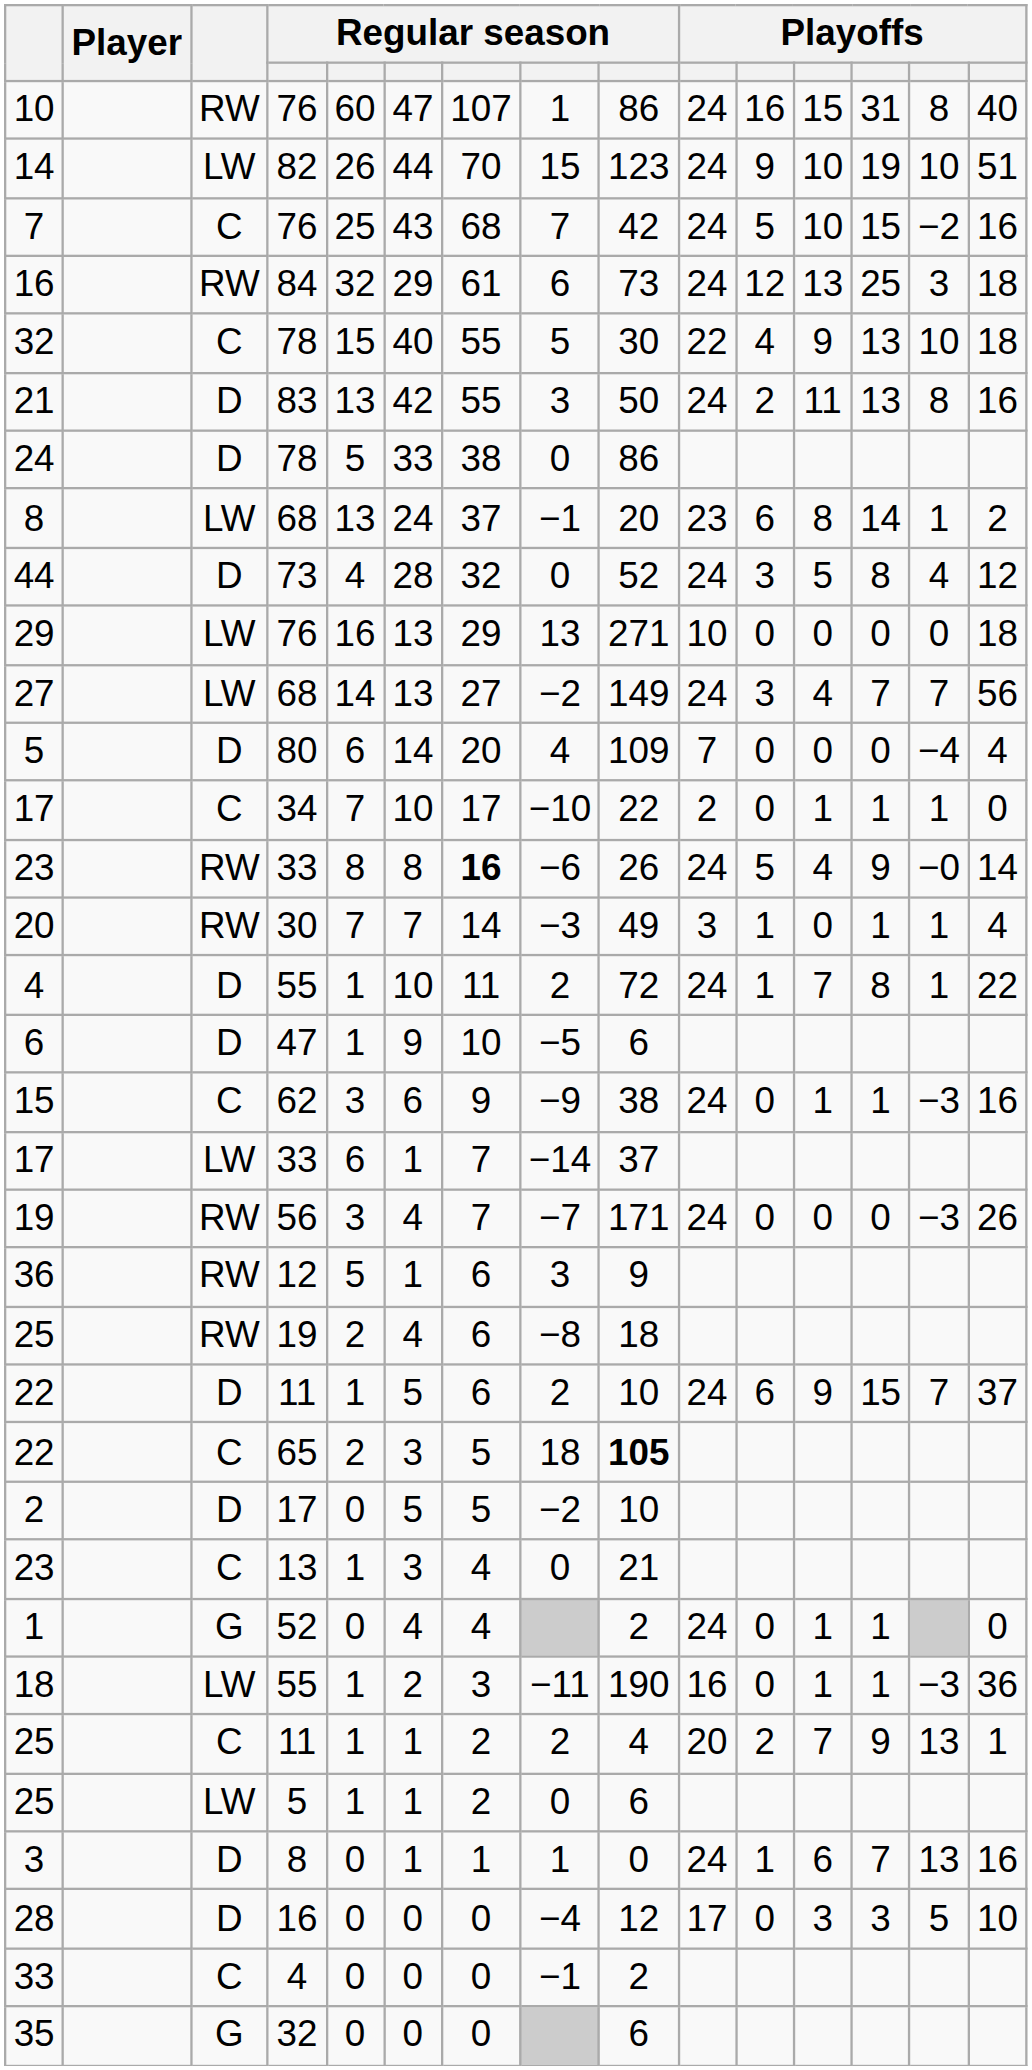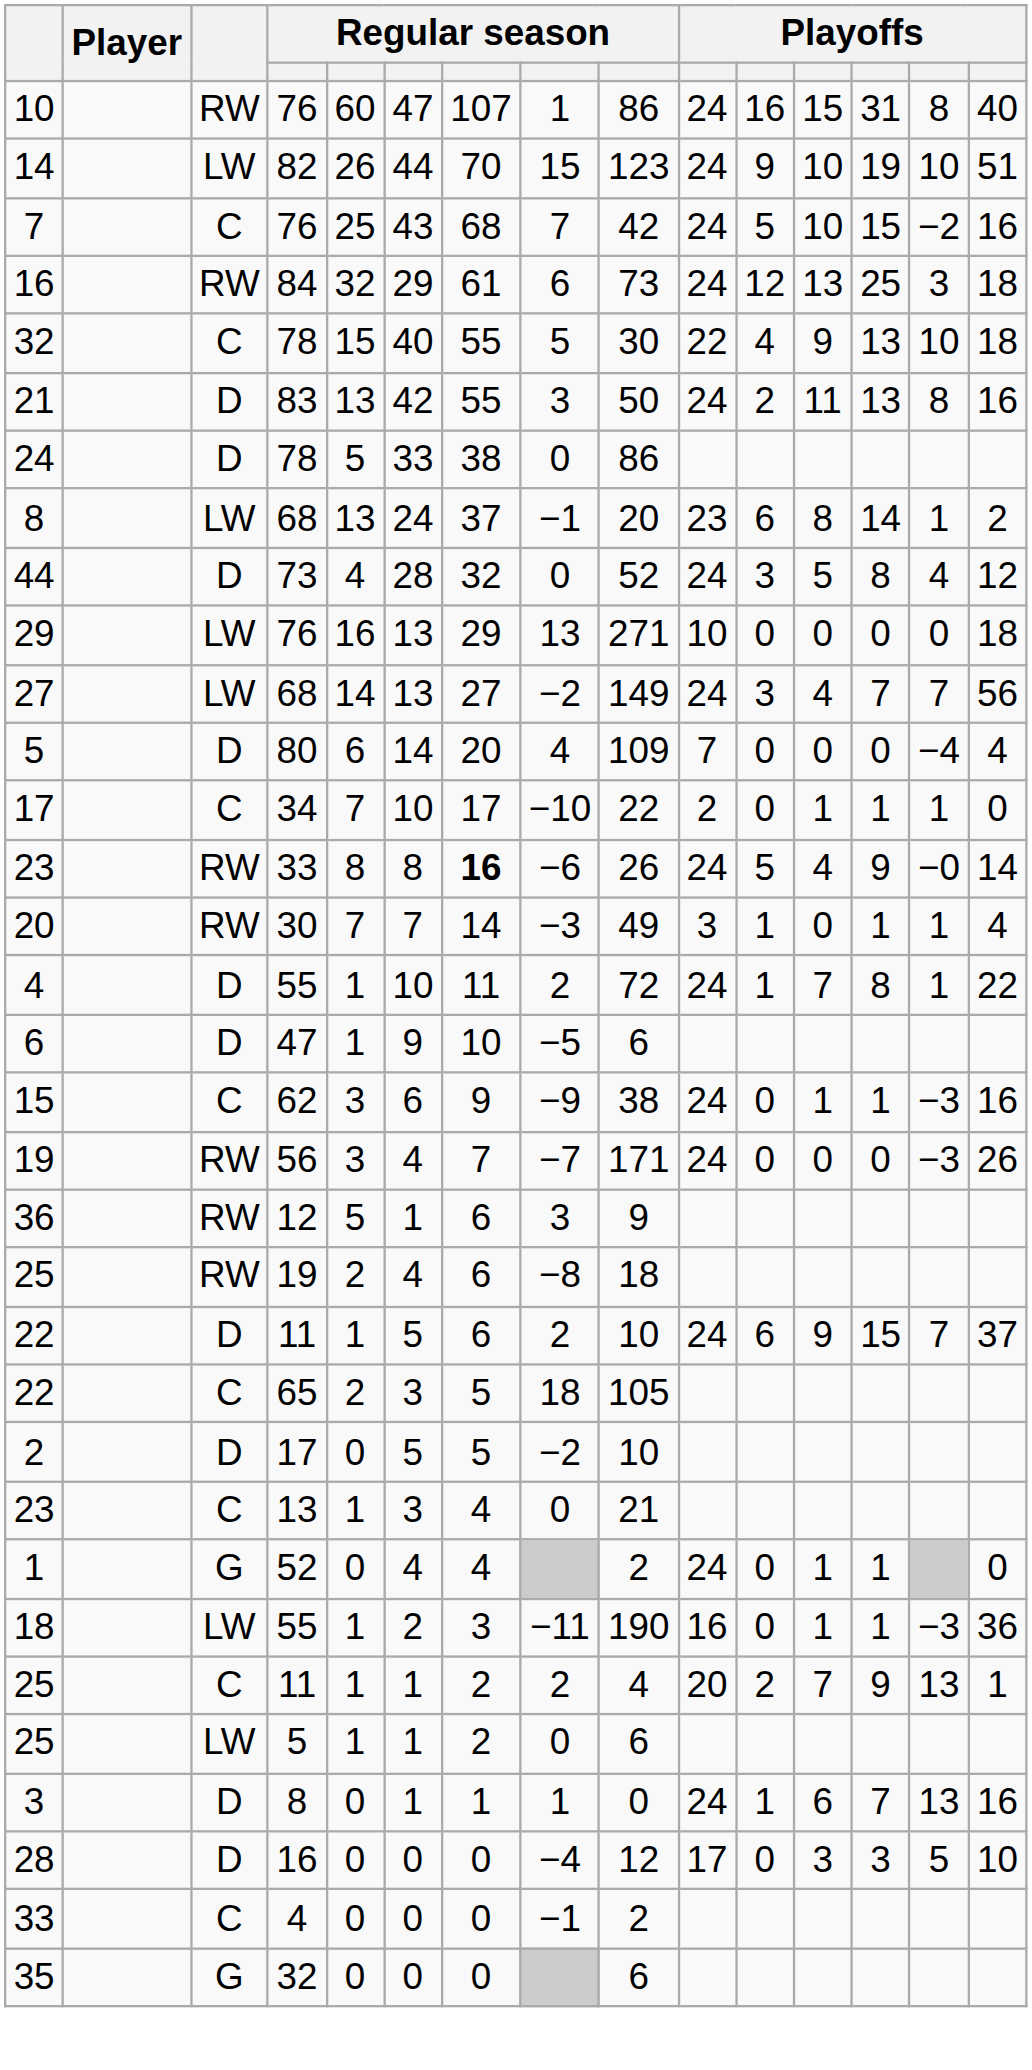 <table class="wikitable sortable plainrowheaders" style="text-align:center;">
 <tr>
 <th scope="col" data-sort-type="number" rowspan="2"></th>
 <th scope="col" rowspan="2">Player</th>
 <th scope="col" rowspan="2"></th>
 <th scope=colgroup colspan=6>Regular season</th>
 <th scope=colgroup colspan=6>Playoffs</th>
 </tr>
 <tr>
 <th scope="col" data-sort-type="number"></th>
 <th scope="col" data-sort-type="number"></th>
 <th scope="col" data-sort-type="number"></th>
 <th scope="col" data-sort-type="number"></th>
 <th scope="col" data-sort-type="number"></th>
 <th scope="col" data-sort-type="number"></th>
 <th scope="col" data-sort-type="number"></th>
 <th scope="col" data-sort-type="number"></th>
 <th scope="col" data-sort-type="number"></th>
 <th scope="col" data-sort-type="number"></th>
 <th scope="col" data-sort-type="number"></th>
 <th scope="col" data-sort-type="number"></th>
 </tr>
 <tr>
 <td scope="row">10</td>
 <td align="left"></td>
 <td>RW</td>
 <td>76</td>
 <td>60</td>
 <td>47</td>
 <td>107</td>
 <td>1</td>
 <td>86</td>
 <td>24</td>
 <td>16</td>
 <td>15</td>
 <td>31</td>
 <td>8</td>
 <td>40</td>
 </tr>
 <tr>
 <td scope="row">14</td>
 <td align="left"></td>
 <td>LW</td>
 <td>82</td>
 <td>26</td>
 <td>44</td>
 <td>70</td>
 <td>15</td>
 <td>123</td>
 <td>24</td>
 <td>9</td>
 <td>10</td>
 <td>19</td>
 <td>10</td>
 <td>51</td>
 </tr>
 <tr>
 <td scope="row">7</td>
 <td align="left"></td>
 <td>C</td>
 <td>76</td>
 <td>25</td>
 <td>43</td>
 <td>68</td>
 <td>7</td>
 <td>42</td>
 <td>24</td>
 <td>5</td>
 <td>10</td>
 <td>15</td>
 <td>−2</td>
 <td>16</td>
 </tr>
 <tr>
 <td scope="row">16</td>
 <td align="left"></td>
 <td>RW</td>
 <td>84</td>
 <td>32</td>
 <td>29</td>
 <td>61</td>
 <td>6</td>
 <td>73</td>
 <td>24</td>
 <td>12</td>
 <td>13</td>
 <td>25</td>
 <td>3</td>
 <td>18</td>
 </tr>
 <tr>
 <td scope="row">32</td>
 <td align="left"></td>
 <td>C</td>
 <td>78</td>
 <td>15</td>
 <td>40</td>
 <td>55</td>
 <td>5</td>
 <td>30</td>
 <td>22</td>
 <td>4</td>
 <td>9</td>
 <td>13</td>
 <td>10</td>
 <td>18</td>
 </tr>
 <tr>
 <td scope="row">21</td>
 <td align="left"></td>
 <td>D</td>
 <td>83</td>
 <td>13</td>
 <td>42</td>
 <td>55</td>
 <td>3</td>
 <td>50</td>
 <td>24</td>
 <td>2</td>
 <td>11</td>
 <td>13</td>
 <td>8</td>
 <td>16</td>
 </tr>
 <tr>
 <td scope="row">24</td>
 <td align="left"></td>
 <td>D</td>
 <td>78</td>
 <td>5</td>
 <td>33</td>
 <td>38</td>
 <td>0</td>
 <td>86</td>
 <td></td>
 <td></td>
 <td></td>
 <td></td>
 <td></td>
 <td></td>
 </tr>
 <tr>
 <td scope="row">8</td>
 <td align="left"></td>
 <td>LW</td>
 <td>68</td>
 <td>13</td>
 <td>24</td>
 <td>37</td>
 <td>−1</td>
 <td>20</td>
 <td>23</td>
 <td>6</td>
 <td>8</td>
 <td>14</td>
 <td>1</td>
 <td>2</td>
 </tr>
 <tr>
 <td scope="row">44</td>
 <td align="left"></td>
 <td>D</td>
 <td>73</td>
 <td>4</td>
 <td>28</td>
 <td>32</td>
 <td>0</td>
 <td>52</td>
 <td>24</td>
 <td>3</td>
 <td>5</td>
 <td>8</td>
 <td>4</td>
 <td>12</td>
 </tr>
 <tr>
 <td scope="row">29</td>
 <td align="left"></td>
 <td>LW</td>
 <td>76</td>
 <td>16</td>
 <td>13</td>
 <td>29</td>
 <td>13</td>
 <td>271</td>
 <td>10</td>
 <td>0</td>
 <td>0</td>
 <td>0</td>
 <td>0</td>
 <td>18</td>
 </tr>
 <tr>
 <td scope="row">27</td>
 <td align="left"></td>
 <td>LW</td>
 <td>68</td>
 <td>14</td>
 <td>13</td>
 <td>27</td>
 <td>−2</td>
 <td>149</td>
 <td>24</td>
 <td>3</td>
 <td>4</td>
 <td>7</td>
 <td>7</td>
 <td>56</td>
 </tr>
 <tr>
 <td scope="row">5</td>
 <td align="left"></td>
 <td>D</td>
 <td>80</td>
 <td>6</td>
 <td>14</td>
 <td>20</td>
 <td>4</td>
 <td>109</td>
 <td>7</td>
 <td>0</td>
 <td>0</td>
 <td>0</td>
 <td>−4</td>
 <td>4</td>
 </tr>
 <tr>
 <td scope="row">17</td>
 <td align="left"></td>
 <td>C</td>
 <td>34</td>
 <td>7</td>
 <td>10</td>
 <td>17</td>
 <td>−10</td>
 <td>22</td>
 <td>2</td>
 <td>0</td>
 <td>1</td>
 <td>1</td>
 <td>1</td>
 <td>0</td>
 </tr>
 <tr>
 <td scope="row">23</td>
 <td align="left"></td>
 <td>RW</td>
 <td>33</td>
 <td>8</td>
 <td>8</td>
 <td><strong>16</strong></td>
 <td>−6</td>
 <td>26</td>
 <td>24</td>
 <td>5</td>
 <td>4</td>
 <td>9</td>
 <td>−0</td>
 <td>14</td>
 </tr>
 <tr>
 <td scope="row">20</td>
 <td align="left"></td>
 <td>RW</td>
 <td>30</td>
 <td>7</td>
 <td>7</td>
 <td>14</td>
 <td>−3</td>
 <td>49</td>
 <td>3</td>
 <td>1</td>
 <td>0</td>
 <td>1</td>
 <td>1</td>
 <td>4</td>
 </tr>
 <tr>
 <td scope="row">4</td>
 <td align="left"></td>
 <td>D</td>
 <td>55</td>
 <td>1</td>
 <td>10</td>
 <td>11</td>
 <td>2</td>
 <td>72</td>
 <td>24</td>
 <td>1</td>
 <td>7</td>
 <td>8</td>
 <td>1</td>
 <td>22</td>
 </tr>
 <tr>
 <td scope="row">6</td>
 <td align="left"></td>
 <td>D</td>
 <td>47</td>
 <td>1</td>
 <td>9</td>
 <td>10</td>
 <td>−5</td>
 <td>6</td>
 <td></td>
 <td></td>
 <td></td>
 <td></td>
 <td></td>
 <td></td>
 </tr>
 <tr>
 <td scope="row">15</td>
 <td align="left"></td>
 <td>C</td>
 <td>62</td>
 <td>3</td>
 <td>6</td>
 <td>9</td>
 <td>−9</td>
 <td>38</td>
 <td>24</td>
 <td>0</td>
 <td>1</td>
 <td>1</td>
 <td>−3</td>
 <td>16</td>
 </tr>
 <tr>
-<td scope="row">17</td>
-<td align="left"></td>
-<td>LW</td>
-<td>33</td>
-<td>6</td>
-<td>1</td>
-<td>7</td>
-<td>−14</td>
-<td>37</td>
-<td></td>
-<td></td>
-<td></td>
-<td></td>
-<td></td>
-<td></td>
-</tr>
-<tr>
 <td scope="row">19</td>
 <td align="left"></td>
 <td>RW</td>
 <td>56</td>
 <td>3</td>
 <td>4</td>
 <td>7</td>
 <td>−7</td>
 <td>171</td>
 <td>24</td>
 <td>0</td>
 <td>0</td>
 <td>0</td>
 <td>−3</td>
 <td>26</td>
 </tr>
 <tr>
 <td scope="row">36</td>
 <td align="left"></td>
 <td>RW</td>
 <td>12</td>
 <td>5</td>
 <td>1</td>
 <td>6</td>
 <td>3</td>
 <td>9</td>
 <td></td>
 <td></td>
 <td></td>
 <td></td>
 <td></td>
 <td></td>
 </tr>
 <tr>
 <td scope="row">25</td>
 <td align="left"></td>
 <td>RW</td>
 <td>19</td>
 <td>2</td>
 <td>4</td>
 <td>6</td>
 <td>−8</td>
 <td>18</td>
 <td></td>
 <td></td>
 <td></td>
 <td></td>
 <td></td>
 <td></td>
 </tr>
 <tr>
 <td scope="row">22</td>
 <td align="left"></td>
 <td>D</td>
 <td>11</td>
 <td>1</td>
 <td>5</td>
 <td>6</td>
 <td>2</td>
 <td>10</td>
 <td>24</td>
 <td>6</td>
 <td>9</td>
 <td>15</td>
 <td>7</td>
 <td>37</td>
 </tr>
 <tr>
 <td scope="row">22</td>
 <td align="left"></td>
 <td>C</td>
 <td>65</td>
 <td>2</td>
 <td>3</td>
 <td>5</td>
 <td>18</td>
-<td><strong>105</strong></td>
+<td>105</td>
 <td></td>
 <td></td>
 <td></td>
 <td></td>
 <td></td>
 <td></td>
 </tr>
 <tr>
 <td scope="row">2</td>
 <td align="left"></td>
 <td>D</td>
 <td>17</td>
 <td>0</td>
 <td>5</td>
 <td>5</td>
 <td>−2</td>
 <td>10</td>
 <td></td>
 <td></td>
 <td></td>
 <td></td>
 <td></td>
 <td></td>
 </tr>
 <tr>
 <td scope="row">23</td>
 <td align="left"></td>
 <td>C</td>
 <td>13</td>
 <td>1</td>
 <td>3</td>
 <td>4</td>
 <td>0</td>
 <td>21</td>
 <td></td>
 <td></td>
 <td></td>
 <td></td>
 <td></td>
 <td></td>
 </tr>
 <tr>
 <td scope="row">1</td>
 <td align="left"></td>
 <td>G</td>
 <td>52</td>
 <td>0</td>
 <td>4</td>
 <td>4</td>
 <td style="background:#ccc"></td>
 <td>2</td>
 <td>24</td>
 <td>0</td>
 <td>1</td>
 <td>1</td>
 <td style="background:#ccc"></td>
 <td>0</td>
 </tr>
 <tr>
 <td scope="row">18</td>
 <td align="left"></td>
 <td>LW</td>
 <td>55</td>
 <td>1</td>
 <td>2</td>
 <td>3</td>
 <td>−11</td>
 <td>190</td>
 <td>16</td>
 <td>0</td>
 <td>1</td>
 <td>1</td>
 <td>−3</td>
 <td>36</td>
 </tr>
 <tr>
 <td scope="row">25</td>
 <td align="left"></td>
 <td>C</td>
 <td>11</td>
 <td>1</td>
 <td>1</td>
 <td>2</td>
 <td>2</td>
 <td>4</td>
 <td>20</td>
 <td>2</td>
 <td>7</td>
 <td>9</td>
 <td>13</td>
 <td>1</td>
 </tr>
 <tr>
 <td scope="row">25</td>
 <td align="left"></td>
 <td>LW</td>
 <td>5</td>
 <td>1</td>
 <td>1</td>
 <td>2</td>
 <td>0</td>
 <td>6</td>
 <td></td>
 <td></td>
 <td></td>
 <td></td>
 <td></td>
 <td></td>
 </tr>
 <tr>
 <td scope="row">3</td>
 <td align="left"></td>
 <td>D</td>
 <td>8</td>
 <td>0</td>
 <td>1</td>
 <td>1</td>
 <td>1</td>
 <td>0</td>
 <td>24</td>
 <td>1</td>
 <td>6</td>
 <td>7</td>
 <td>13</td>
 <td>16</td>
 </tr>
 <tr>
 <td scope="row">28</td>
 <td align="left"></td>
 <td>D</td>
 <td>16</td>
 <td>0</td>
 <td>0</td>
 <td>0</td>
 <td>−4</td>
 <td>12</td>
 <td>17</td>
 <td>0</td>
 <td>3</td>
 <td>3</td>
 <td>5</td>
 <td>10</td>
 </tr>
 <tr>
 <td scope="row">33</td>
 <td align="left"></td>
 <td>C</td>
 <td>4</td>
 <td>0</td>
 <td>0</td>
 <td>0</td>
 <td>−1</td>
 <td>2</td>
 <td></td>
 <td></td>
 <td></td>
 <td></td>
 <td></td>
 <td></td>
 </tr>
 <tr>
 <td scope="row">35</td>
 <td align="left"></td>
 <td>G</td>
 <td>32</td>
 <td>0</td>
 <td>0</td>
 <td>0</td>
 <td style="background:#ccc"></td>
 <td>6</td>
 <td></td>
 <td></td>
 <td></td>
 <td></td>
 <td></td>
 <td></td>
 </tr>
 </table>
